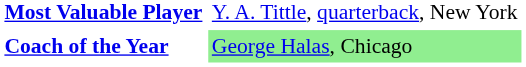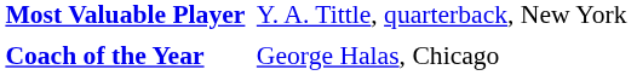 <table cellpadding="3" cellspacing="1">
 <tr>
 <td><strong><a href='#'>Most Valuable Player</a></strong></td>
 <td><a href='#'>Y. A. Tittle</a>, <a href='#'>quarterback</a>, New York</td>
 </tr>
 <tr>
 <td><strong><a href='#'>Coach of the Year</a></strong></td>
-<td style="background: lightgreen;"><a href='#'>George Halas</a>, Chicago</td>
+<td><a href='#'>George Halas</a>, Chicago</td>
 </tr>
 </table>
